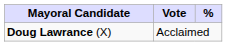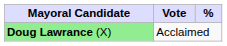 <table class="wikitable">
 <tr>
 <th style="background:#ddf; width:200px;">Mayoral Candidate</th>
 <th style="background:#ddf; width:50px;">Vote</th>
 <th style="background:#ddf; width:30px;">%</th>
 </tr>
 <tr>
-<td><strong>Doug Lawrance</strong> (X)</td>
+<td style="background: lightgreen;"><strong>Doug Lawrance</strong> (X)</td>
 <td colspan="2">Acclaimed</td>
 </tr>
 </table>
